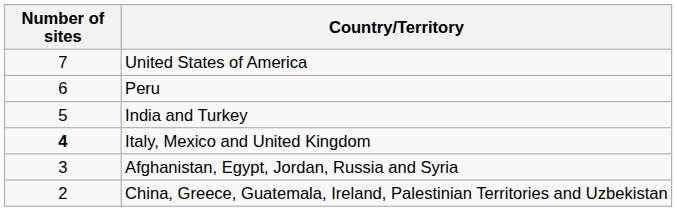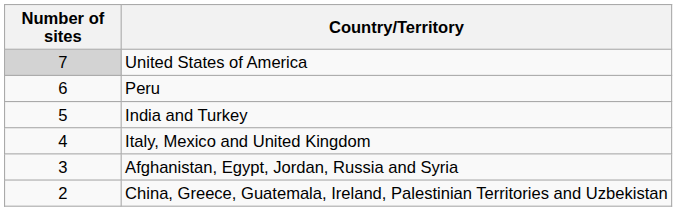 <table class="wikitable sortable" style="font-size: 95%;">
 <tr>
 <th width="100">Number of sites</th>
 <th>Country/Territory</th>
 </tr>
 <tr>
-<td align="center">7</td>
+<td align="center" style="background: lightgrey;">7</td>
 <td>United States of America</td>
 </tr>
 <tr>
 <td align="center">6</td>
 <td>Peru</td>
 </tr>
 <tr>
 <td align="center">5</td>
 <td>India and Turkey</td>
 </tr>
 <tr>
-<td align="center"><strong>4</strong></td>
+<td align="center">4</td>
 <td>Italy, Mexico and United Kingdom</td>
 </tr>
 <tr>
 <td align="center">3</td>
 <td>Afghanistan, Egypt, Jordan, Russia and Syria</td>
 </tr>
 <tr>
 <td align="center">2</td>
 <td>China, Greece, Guatemala, Ireland, Palestinian Territories and Uzbekistan</td>
 </tr>
 </table>
